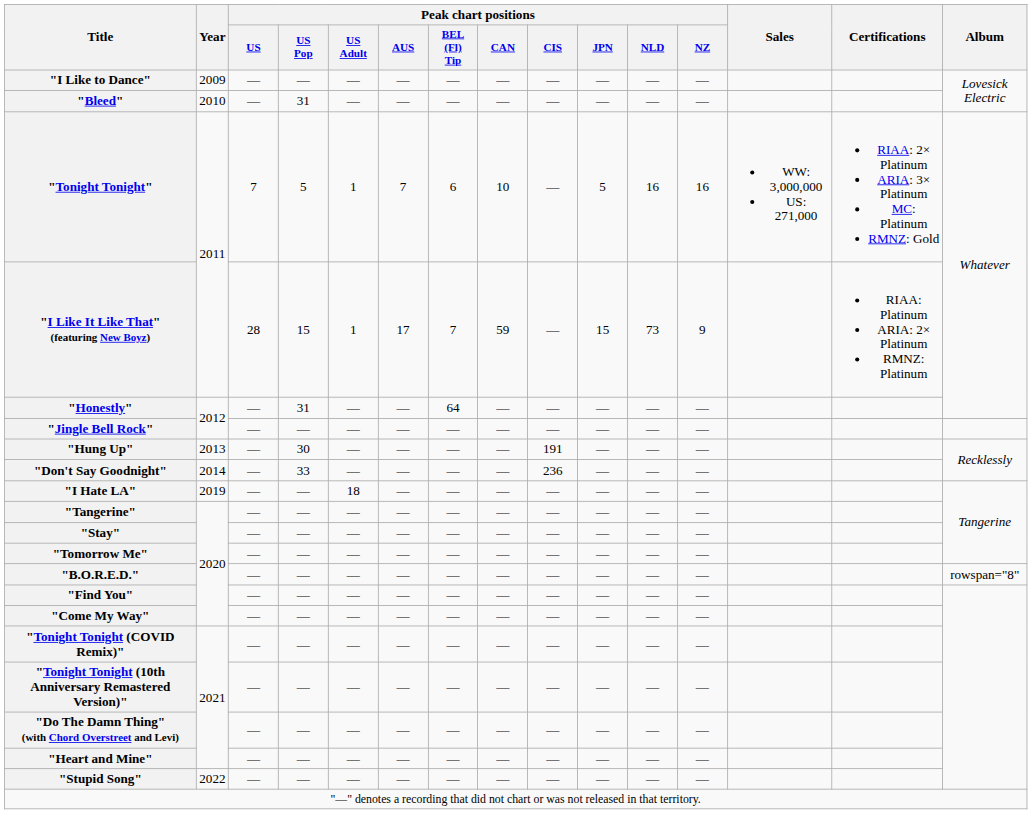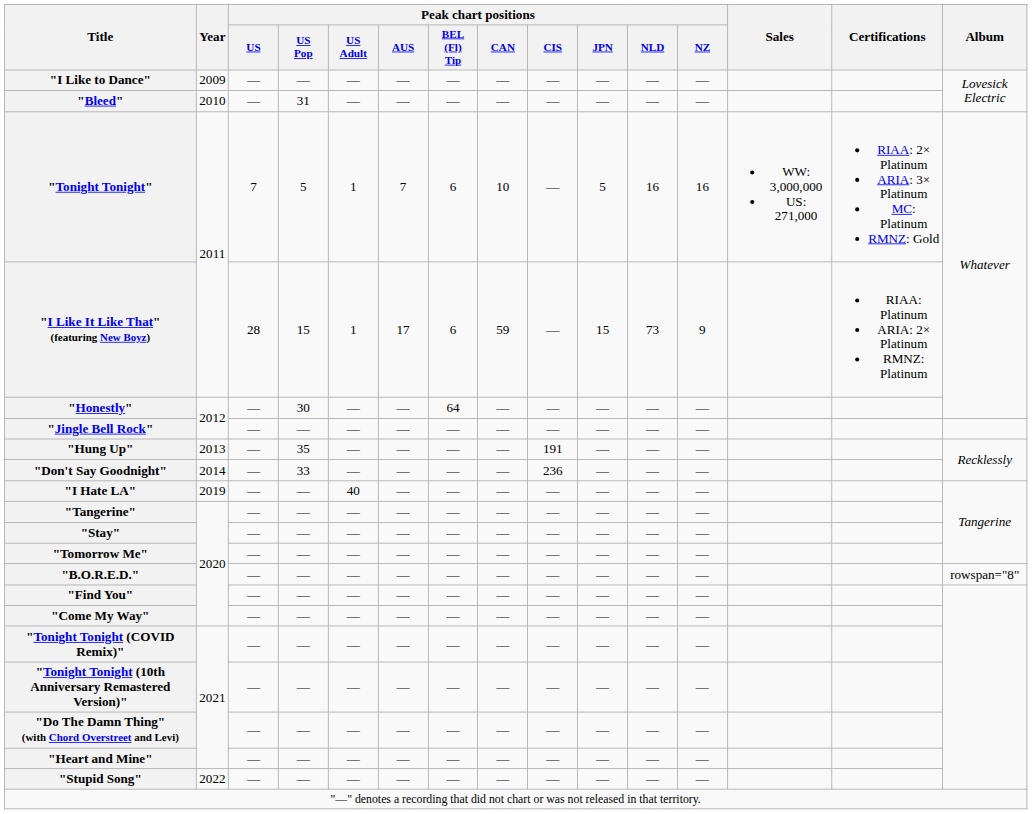 <table class="wikitable plainrowheaders" style="text-align:center;">
 <tr>
 <th scope="col" rowspan="2">Title</th>
 <th scope="col" rowspan="2">Year</th>
 <th scope="col" colspan="10">Peak chart positions</th>
 <th scope="col" rowspan="2">Sales</th>
 <th scope="col" rowspan="2">Certifications</th>
 <th scope="col" rowspan="2">Album</th>
 </tr>
 <tr>
 <th scope="col" style="width:4em;font-size:85%;"><a href='#'>US</a><br></th>
 <th scope="col" style="width:4em;font-size:85%;"><a href='#'>US<br>Pop</a><br></th>
 <th scope="col" style="width:4em;font-size:85%;"><a href='#'>US<br>Adult</a><br></th>
 <th scope="col" style="width:4em;font-size:85%;"><a href='#'>AUS</a><br></th>
 <th scope="col" style="width:4em;font-size:85%;"><a href='#'>BEL<br>(Fl)<br>Tip</a><br></th>
 <th scope="col" style="width:4em;font-size:85%;"><a href='#'>CAN</a><br></th>
 <th scope="col" style="width:4em;font-size:85%;"><a href='#'>CIS</a><br></th>
 <th scope="col" style="width:4em;font-size:85%;"><a href='#'>JPN</a><br></th>
 <th scope="col" style="width:4em;font-size:85%;"><a href='#'>NLD</a><br></th>
 <th scope="col" style="width:4em;font-size:85%;"><a href='#'>NZ</a><br></th>
 </tr>
 <tr>
 <th scope="row">"I Like to Dance"</th>
 <td>2009</td>
 <td>—</td>
 <td>—</td>
 <td>—</td>
 <td>—</td>
 <td>—</td>
 <td>—</td>
 <td>—</td>
 <td>—</td>
 <td>—</td>
 <td>—</td>
 <td></td>
 <td></td>
 <td rowspan="2"><em>Lovesick Electric</em></td>
 </tr>
 <tr>
 <th scope="row">"<a href='#'>Bleed</a>"</th>
 <td>2010</td>
 <td>—</td>
 <td>31</td>
 <td>—</td>
 <td>—</td>
 <td>—</td>
 <td>—</td>
 <td>—</td>
 <td>—</td>
 <td>—</td>
 <td>—</td>
 <td></td>
 <td></td>
 </tr>
 <tr>
 <th scope="row">"<a href='#'>Tonight Tonight</a>"</th>
 <td rowspan="2">2011</td>
 <td>7</td>
 <td>5</td>
 <td>1</td>
 <td>7</td>
 <td>6</td>
 <td>10</td>
 <td>—</td>
 <td>5</td>
 <td>16</td>
 <td>16</td>
 <td><br><ul><li>WW: 3,000,000</li><li>US: 271,000</li></ul></td>
 <td><br><ul><li><a href='#'>RIAA</a>: 2× Platinum</li><li><a href='#'>ARIA</a>: 3× Platinum</li><li><a href='#'>MC</a>: Platinum</li><li><a href='#'>RMNZ</a>: Gold</li></ul></td>
 <td rowspan="3"><em>Whatever</em></td>
 </tr>
 <tr>
 <th scope="row">"<a href='#'>I Like It Like That</a>"<br><small>(featuring <a href='#'>New Boyz</a>)</small></th>
 <td>28</td>
 <td>15</td>
 <td>1</td>
 <td>17</td>
-<td>7</td>
+<td>6</td>
 <td>59</td>
 <td>—</td>
 <td>15</td>
 <td>73</td>
 <td>9</td>
 <td></td>
 <td><br><ul><li>RIAA: Platinum</li><li>ARIA: 2× Platinum</li><li>RMNZ: Platinum</li></ul></td>
 </tr>
 <tr>
 <th scope="row">"<a href='#'>Honestly</a>"</th>
 <td rowspan="2">2012</td>
 <td>—</td>
-<td>31</td>
+<td>30</td>
 <td>—</td>
 <td>—</td>
 <td>64</td>
 <td>—</td>
 <td>—</td>
 <td>—</td>
 <td>—</td>
 <td>—</td>
 <td></td>
 <td></td>
 </tr>
 <tr>
 <th scope="row">"<a href='#'>Jingle Bell Rock</a>"</th>
 <td>—</td>
 <td>—</td>
 <td>—</td>
 <td>—</td>
 <td>—</td>
 <td>—</td>
 <td>—</td>
 <td>—</td>
 <td>—</td>
 <td>—</td>
 <td></td>
 <td></td>
 <td></td>
 </tr>
 <tr>
 <th scope="row">"Hung Up"</th>
 <td>2013</td>
 <td>—</td>
-<td>30</td>
+<td>35</td>
 <td>—</td>
 <td>—</td>
 <td>—</td>
 <td>—</td>
 <td>191</td>
 <td>—</td>
 <td>—</td>
 <td>—</td>
 <td></td>
 <td></td>
 <td rowspan="2"><em>Recklessly</em></td>
 </tr>
 <tr>
 <th scope="row">"Don't Say Goodnight"</th>
 <td>2014</td>
 <td>—</td>
 <td>33</td>
 <td>—</td>
 <td>—</td>
 <td>—</td>
 <td>—</td>
 <td>236</td>
 <td>—</td>
 <td>—</td>
 <td>—</td>
 <td></td>
 <td></td>
 </tr>
 <tr>
 <th scope="row">"I Hate LA"</th>
 <td>2019</td>
 <td>—</td>
 <td>—</td>
-<td>18</td>
+<td>40</td>
 <td>—</td>
 <td>—</td>
 <td>—</td>
 <td>—</td>
 <td>—</td>
 <td>—</td>
 <td>—</td>
 <td></td>
 <td></td>
 <td rowspan="4"><em>Tangerine</em></td>
 </tr>
 <tr>
 <th scope="row">"Tangerine"</th>
 <td rowspan="6">2020</td>
 <td>—</td>
 <td>—</td>
 <td>—</td>
 <td>—</td>
 <td>—</td>
 <td>—</td>
 <td>—</td>
 <td>—</td>
 <td>—</td>
 <td>—</td>
 <td></td>
 <td></td>
 </tr>
 <tr>
 <th scope="row">"Stay"</th>
 <td>—</td>
 <td>—</td>
 <td>—</td>
 <td>—</td>
 <td>—</td>
 <td>—</td>
 <td>—</td>
 <td>—</td>
 <td>—</td>
 <td>—</td>
 <td></td>
 <td></td>
 </tr>
 <tr>
 <th scope="row">"Tomorrow Me"</th>
 <td>—</td>
 <td>—</td>
 <td>—</td>
 <td>—</td>
 <td>—</td>
 <td>—</td>
 <td>—</td>
 <td>—</td>
 <td>—</td>
 <td>—</td>
 <td></td>
 <td></td>
 </tr>
 <tr>
 <th scope="row">"B.O.R.E.D."</th>
 <td>—</td>
 <td>—</td>
 <td>—</td>
 <td>—</td>
 <td>—</td>
 <td>—</td>
 <td>—</td>
 <td>—</td>
 <td>—</td>
 <td>—</td>
 <td></td>
 <td></td>
 <td>rowspan="8" </td>
 </tr>
 <tr>
 <th scope="row">"Find You"</th>
 <td>—</td>
 <td>—</td>
 <td>—</td>
 <td>—</td>
 <td>—</td>
 <td>—</td>
 <td>—</td>
 <td>—</td>
 <td>—</td>
 <td>—</td>
 <td></td>
 <td></td>
 </tr>
 <tr>
 <th scope="row">"Come My Way"</th>
 <td>—</td>
 <td>—</td>
 <td>—</td>
 <td>—</td>
 <td>—</td>
 <td>—</td>
 <td>—</td>
 <td>—</td>
 <td>—</td>
 <td>—</td>
 <td></td>
 <td></td>
 </tr>
 <tr>
 <th scope="row">"<a href='#'>Tonight Tonight</a> (COVID Remix)"</th>
 <td rowspan="4">2021</td>
 <td>—</td>
 <td>—</td>
 <td>—</td>
 <td>—</td>
 <td>—</td>
 <td>—</td>
 <td>—</td>
 <td>—</td>
 <td>—</td>
 <td>—</td>
 <td></td>
 <td></td>
 </tr>
 <tr>
 <th scope="row">"<a href='#'>Tonight Tonight</a> (10th Anniversary Remastered Version)"</th>
 <td>—</td>
 <td>—</td>
 <td>—</td>
 <td>—</td>
 <td>—</td>
 <td>—</td>
 <td>—</td>
 <td>—</td>
 <td>—</td>
 <td>—</td>
 <td></td>
 <td></td>
 </tr>
 <tr>
 <th scope="row">"Do The Damn Thing"<br><small>(with <a href='#'>Chord Overstreet</a> and Levi)</small></th>
 <td>—</td>
 <td>—</td>
 <td>—</td>
 <td>—</td>
 <td>—</td>
 <td>—</td>
 <td>—</td>
 <td>—</td>
 <td>—</td>
 <td>—</td>
 <td></td>
 <td></td>
 </tr>
 <tr>
 <th scope="row">"Heart and Mine"</th>
 <td>—</td>
 <td>—</td>
 <td>—</td>
 <td>—</td>
 <td>—</td>
 <td>—</td>
 <td>—</td>
 <td>—</td>
 <td>—</td>
 <td>—</td>
 <td></td>
 <td></td>
 </tr>
 <tr>
 <th scope="row">"Stupid Song"</th>
 <td>2022</td>
 <td>—</td>
 <td>—</td>
 <td>—</td>
 <td>—</td>
 <td>—</td>
 <td>—</td>
 <td>—</td>
 <td>—</td>
 <td>—</td>
 <td>—</td>
 <td></td>
 <td></td>
 </tr>
 <tr>
 <td colspan="15" style="font-size:90%">"—" denotes a recording that did not chart or was not released in that territory.</td>
 </tr>
 </table>
